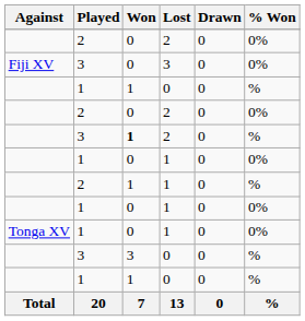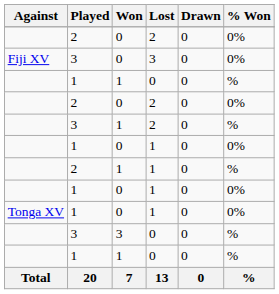 <table class="sortable wikitable" style="font-size: 87%;">
 <tr>
 <th>Against</th>
 <th>Played</th>
 <th>Won</th>
 <th>Lost</th>
 <th>Drawn</th>
 <th>% Won</th>
 </tr>
 <tr style="background:#d0ffd0; text-align:center">
 </tr>
 <tr>
 <td style="text-align:left"></td>
 <td>2</td>
 <td>0</td>
 <td>2</td>
 <td>0</td>
 <td>0%</td>
 </tr>
 <tr>
 <td style="text-align:left"> <a href='#'>Fiji XV</a></td>
 <td>3</td>
 <td>0</td>
 <td>3</td>
 <td>0</td>
 <td>0%</td>
 </tr>
 <tr>
 <td style="text-align:left"></td>
 <td>1</td>
 <td>1</td>
 <td>0</td>
 <td>0</td>
 <td>%</td>
 </tr>
 <tr>
 <td style="text-align:left"></td>
 <td>2</td>
 <td>0</td>
 <td>2</td>
 <td>0</td>
 <td>0%</td>
 </tr>
 <tr>
 <td style="text-align:left"></td>
 <td>3</td>
-<td><strong>1</strong></td>
+<td>1</td>
 <td>2</td>
 <td>0</td>
 <td>%</td>
 </tr>
 <tr>
 <td style="text-align:left"></td>
 <td>1</td>
 <td>0</td>
 <td>1</td>
 <td>0</td>
 <td>0%</td>
 </tr>
 <tr>
 <td style="text-align:left"></td>
 <td>2</td>
 <td>1</td>
 <td>1</td>
 <td>0</td>
 <td>%</td>
 </tr>
 <tr>
 <td style="text-align:left"></td>
 <td>1</td>
 <td>0</td>
 <td>1</td>
 <td>0</td>
 <td>0%</td>
 </tr>
 <tr>
 <td style="text-align:left"> <a href='#'>Tonga XV</a></td>
 <td>1</td>
 <td>0</td>
 <td>1</td>
 <td>0</td>
 <td>0%</td>
 </tr>
 <tr>
 <td style="text-align:left"></td>
 <td>3</td>
 <td>3</td>
 <td>0</td>
 <td>0</td>
 <td>%</td>
 </tr>
 <tr>
 <td style="text-align:left"></td>
 <td>1</td>
 <td>1</td>
 <td>0</td>
 <td>0</td>
 <td>%</td>
 </tr>
 <tr>
 <th>Total</th>
 <th><strong>20</strong></th>
 <th><strong>7</strong></th>
 <th><strong>13</strong></th>
 <th><strong>0</strong></th>
 <th><strong>%</strong></th>
 </tr>
 </table>
